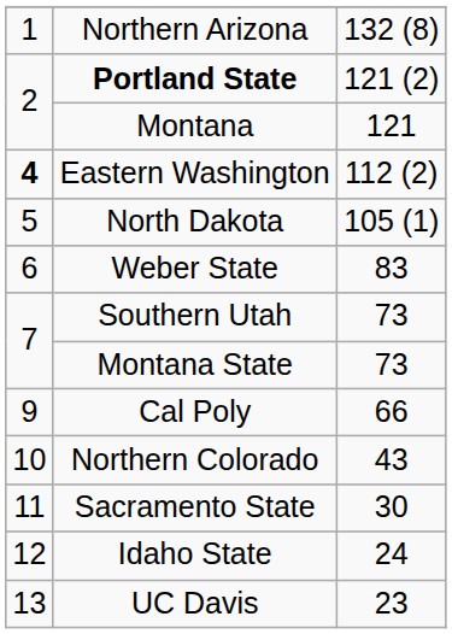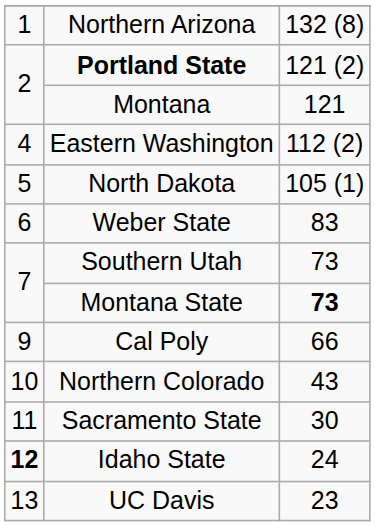 <table class="wikitable" style="display: inline-table;">
 <tr align="center">
 </tr>
 <tr align="center">
 <td>1</td>
 <td>Northern Arizona</td>
 <td>132 (8)</td>
 </tr>
 <tr align="center">
 <td rowspan="2">2</td>
 <td><strong>Portland State</strong></td>
 <td>121 (2)</td>
 </tr>
 <tr align="center">
 <td>Montana</td>
 <td>121</td>
 </tr>
 <tr align="center">
-<td><strong>4</strong></td>
+<td>4</td>
 <td>Eastern Washington</td>
 <td>112 (2)</td>
 </tr>
 <tr align="center">
 <td>5</td>
 <td>North Dakota</td>
 <td>105 (1)</td>
 </tr>
 <tr align="center">
 <td>6</td>
 <td>Weber State</td>
 <td>83</td>
 </tr>
 <tr align="center">
 <td rowspan="2">7</td>
 <td>Southern Utah</td>
 <td>73</td>
 </tr>
 <tr align="center">
 <td>Montana State</td>
-<td>73</td>
+<td><strong>73</strong></td>
 </tr>
 <tr align="center">
 <td>9</td>
 <td>Cal Poly</td>
 <td>66</td>
 </tr>
 <tr align="center">
 <td>10</td>
 <td>Northern Colorado</td>
 <td>43</td>
 </tr>
 <tr align="center">
 <td>11</td>
 <td>Sacramento State</td>
 <td>30</td>
 </tr>
 <tr align="center">
-<td>12</td>
+<td><strong>12</strong></td>
 <td>Idaho State</td>
 <td>24</td>
 </tr>
 <tr align="center">
 <td>13</td>
 <td>UC Davis</td>
 <td>23</td>
 </tr>
 </table>
